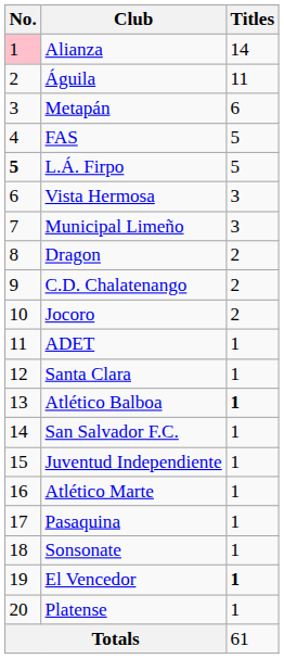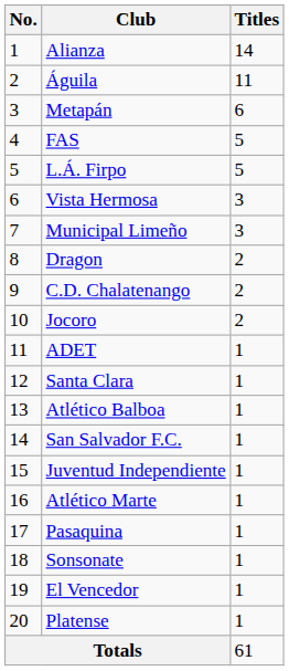 <table class="wikitable">
 <tr>
 <th>No.</th>
 <th>Club</th>
 <th>Titles</th>
 </tr>
 <tr>
-<td style="background: pink;">1</td>
+<td>1</td>
 <td><a href='#'>Alianza</a></td>
 <td>14</td>
 </tr>
 <tr>
 <td>2</td>
 <td><a href='#'>Águila</a></td>
 <td>11</td>
 </tr>
 <tr>
 <td>3</td>
 <td><a href='#'>Metapán</a></td>
 <td>6</td>
 </tr>
 <tr>
 <td>4</td>
 <td><a href='#'>FAS</a></td>
 <td>5</td>
 </tr>
 <tr>
-<td><strong>5</strong></td>
+<td>5</td>
 <td><a href='#'>L.Á. Firpo</a></td>
 <td>5</td>
 </tr>
 <tr>
 <td>6</td>
 <td><a href='#'>Vista Hermosa</a></td>
 <td>3</td>
 </tr>
 <tr>
 <td>7</td>
 <td><a href='#'>Municipal Limeño</a></td>
 <td>3</td>
 </tr>
 <tr>
 <td>8</td>
 <td><a href='#'>Dragon</a></td>
 <td>2</td>
 </tr>
 <tr>
 <td>9</td>
 <td><a href='#'>C.D. Chalatenango</a></td>
 <td>2</td>
 </tr>
 <tr>
 <td>10</td>
 <td><a href='#'>Jocoro</a></td>
 <td>2</td>
 </tr>
 <tr>
 <td>11</td>
 <td><a href='#'>ADET</a></td>
 <td>1</td>
 </tr>
 <tr>
 <td>12</td>
 <td><a href='#'>Santa Clara</a></td>
 <td>1</td>
 </tr>
 <tr>
 <td>13</td>
 <td><a href='#'>Atlético Balboa</a></td>
-<td><strong>1</strong></td>
+<td>1</td>
 </tr>
 <tr>
 <td>14</td>
 <td><a href='#'>San Salvador F.C.</a></td>
 <td>1</td>
 </tr>
 <tr>
 <td>15</td>
 <td><a href='#'>Juventud Independiente</a></td>
 <td>1</td>
 </tr>
 <tr>
 <td>16</td>
 <td><a href='#'>Atlético Marte</a></td>
 <td>1</td>
 </tr>
 <tr>
 <td>17</td>
 <td><a href='#'>Pasaquina</a></td>
 <td>1</td>
 </tr>
 <tr>
 <td>18</td>
 <td><a href='#'>Sonsonate</a></td>
 <td>1</td>
 </tr>
 <tr>
 <td>19</td>
 <td><a href='#'>El Vencedor</a></td>
-<td><strong>1</strong></td>
+<td>1</td>
 </tr>
 <tr>
 <td>20</td>
 <td><a href='#'>Platense</a></td>
 <td>1</td>
 </tr>
 <tr>
 <th colspan="2">Totals</th>
 <td>61</td>
 </tr>
 </table>
